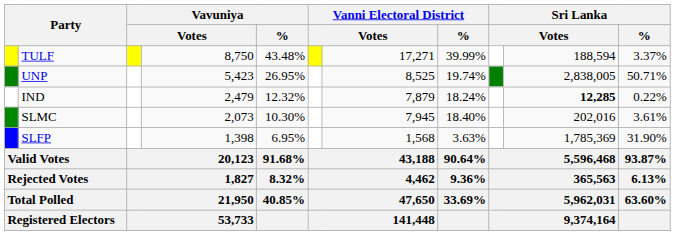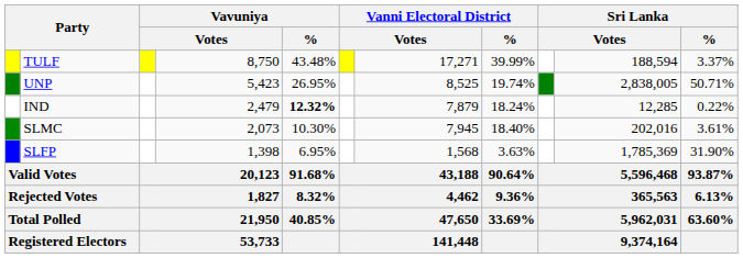 <table class="wikitable">
 <tr>
 <th colspan="2" width="144px"rowspan="2">Party</th>
 <th colspan="3" width="216px">Vavuniya</th>
 <th colspan="3" width="216px"><a href='#'>Vanni Electoral District</a></th>
 <th colspan="3" width="216px">Sri Lanka</th>
 </tr>
 <tr>
 <th colspan="2" width="144px">Votes</th>
 <th>%</th>
 <th colspan="2" width="144px">Votes</th>
 <th>%</th>
 <th colspan="2" width="144px">Votes</th>
 <th>%</th>
 </tr>
 <tr>
 <td style="background-color:yellow;" width="10px"></td>
 <td style="text-align:left;"><a href='#'>TULF</a></td>
 <td style="background-color:yellow;" width="10px"></td>
 <td style="text-align:right;">8,750</td>
 <td style="text-align:right;">43.48%</td>
 <td style="background-color:yellow;" width="10px"></td>
 <td style="text-align:right;">17,271</td>
 <td style="text-align:right;">39.99%</td>
 <td style="background-color:white;" width="10px"></td>
 <td style="text-align:right;">188,594</td>
 <td style="text-align:right;">3.37%</td>
 </tr>
 <tr>
 <td style="background-color:green;" width="10px"></td>
 <td style="text-align:left;"><a href='#'>UNP</a></td>
 <td style="background-color:white;" width="10px"></td>
 <td style="text-align:right;">5,423</td>
 <td style="text-align:right;">26.95%</td>
 <td style="background-color:white;" width="10px"></td>
 <td style="text-align:right;">8,525</td>
 <td style="text-align:right;">19.74%</td>
 <td style="background-color:green;" width="10px"></td>
 <td style="text-align:right;">2,838,005</td>
 <td style="text-align:right;">50.71%</td>
 </tr>
 <tr>
 <td style="background-color:white;" width="10px"></td>
 <td style="text-align:left;">IND</td>
 <td style="background-color:white;" width="10px"></td>
 <td style="text-align:right;">2,479</td>
-<td style="text-align:right;">12.32%</td>
+<td style="text-align:right;"><strong>12.32%</strong></td>
 <td style="background-color:white;" width="10px"></td>
 <td style="text-align:right;">7,879</td>
 <td style="text-align:right;">18.24%</td>
 <td style="background-color:white;" width="10px"></td>
-<td style="text-align:right;"><strong>12,285</strong></td>
+<td style="text-align:right;">12,285</td>
 <td style="text-align:right;">0.22%</td>
 </tr>
 <tr>
 <td style="background-color:#008800;" width="10px"></td>
 <td style="text-align:left;">SLMC</td>
 <td style="background-color:white;" width="10px"></td>
 <td style="text-align:right;">2,073</td>
 <td style="text-align:right;">10.30%</td>
 <td style="background-color:white;" width="10px"></td>
 <td style="text-align:right;">7,945</td>
 <td style="text-align:right;">18.40%</td>
 <td style="background-color:white;" width="10px"></td>
 <td style="text-align:right;">202,016</td>
 <td style="text-align:right;">3.61%</td>
 </tr>
 <tr>
 <td style="background-color:blue;" width="10px"></td>
 <td style="text-align:left;"><a href='#'>SLFP</a></td>
 <td style="background-color:white;" width="10px"></td>
 <td style="text-align:right;">1,398</td>
 <td style="text-align:right;">6.95%</td>
 <td style="background-color:white;" width="10px"></td>
 <td style="text-align:right;">1,568</td>
 <td style="text-align:right;">3.63%</td>
 <td style="background-color:white;" width="10px"></td>
 <td style="text-align:right;">1,785,369</td>
 <td style="text-align:right;">31.90%</td>
 </tr>
 <tr>
 <th colspan="2" width="144px"style="text-align:left;">Valid Votes</th>
 <th style="text-align:right;"colspan="2" width="144px">20,123</th>
 <th style="text-align:right;">91.68%</th>
 <th style="text-align:right;"colspan="2" width="144px">43,188</th>
 <th style="text-align:right;">90.64%</th>
 <th style="text-align:right;"colspan="2" width="144px">5,596,468</th>
 <th style="text-align:right;">93.87%</th>
 </tr>
 <tr>
 <th colspan="2" width="144px"style="text-align:left;">Rejected Votes</th>
 <th style="text-align:right;"colspan="2" width="144px">1,827</th>
 <th style="text-align:right;">8.32%</th>
 <th style="text-align:right;"colspan="2" width="144px">4,462</th>
 <th style="text-align:right;">9.36%</th>
 <th style="text-align:right;"colspan="2" width="144px">365,563</th>
 <th style="text-align:right;">6.13%</th>
 </tr>
 <tr>
 <th colspan="2" width="144px"style="text-align:left;">Total Polled</th>
 <th style="text-align:right;"colspan="2" width="144px">21,950</th>
 <th style="text-align:right;">40.85%</th>
 <th style="text-align:right;"colspan="2" width="144px">47,650</th>
 <th style="text-align:right;">33.69%</th>
 <th style="text-align:right;"colspan="2" width="144px">5,962,031</th>
 <th style="text-align:right;">63.60%</th>
 </tr>
 <tr>
 <th colspan="2" width="144px"style="text-align:left;">Registered Electors</th>
 <th style="text-align:right;"colspan="2" width="144px">53,733</th>
 <th></th>
 <th style="text-align:right;"colspan="2" width="144px">141,448</th>
 <th></th>
 <th style="text-align:right;"colspan="2" width="144px">9,374,164</th>
 <th></th>
 </tr>
 </table>
